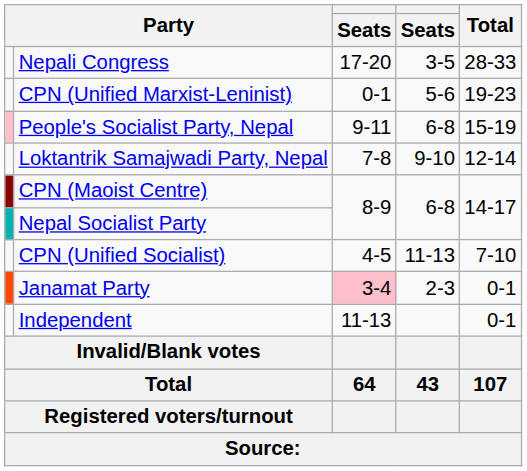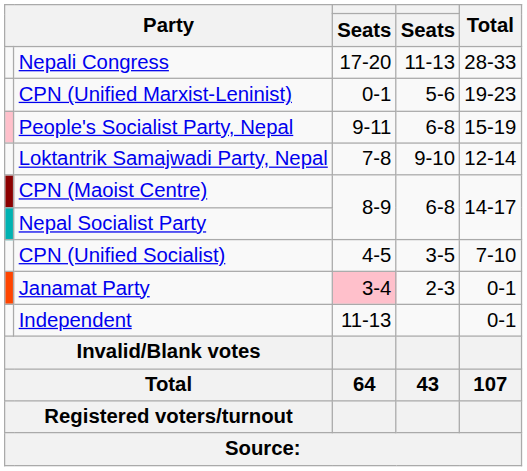 <table class="wikitable" style="text-align:right">
 <tr>
 <th colspan="2" rowspan="2">Party</th>
 <th></th>
 <th></th>
 <th rowspan="2">Total</th>
 </tr>
 <tr>
 <th>Seats</th>
 <th>Seats</th>
 </tr>
 <tr>
 <td></td>
 <td align="left"><a href='#'>Nepali Congress</a></td>
 <td>17-20</td>
-<td>3-5</td>
+<td>11-13</td>
 <td>28-33</td>
 </tr>
 <tr>
 <td></td>
 <td align="left"><a href='#'>CPN (Unified Marxist-Leninist)</a></td>
 <td>0-1</td>
 <td>5-6</td>
 <td>19-23</td>
 </tr>
 <tr>
 <td bgcolor="FFC0CB"></td>
 <td align="left"><a href='#'>People's Socialist Party, Nepal</a></td>
 <td>9-11</td>
 <td>6-8</td>
 <td>15-19</td>
 </tr>
 <tr>
 <td></td>
 <td align="left"><a href='#'>Loktantrik Samajwadi Party, Nepal</a></td>
 <td>7-8</td>
 <td>9-10</td>
 <td>12-14</td>
 </tr>
 <tr>
 <td bgcolor="8B0000"></td>
 <td align="left"><a href='#'>CPN (Maoist Centre)</a></td>
 <td rowspan="2">8-9</td>
 <td rowspan="2">6-8</td>
 <td rowspan="2">14-17</td>
 </tr>
 <tr>
 <td bgcolor="#00B2B2"></td>
 <td align="left"><a href='#'>Nepal Socialist Party</a></td>
 </tr>
 <tr>
 <td></td>
 <td align="left"><a href='#'>CPN (Unified Socialist)</a></td>
 <td>4-5</td>
-<td>11-13</td>
+<td>3-5</td>
 <td>7-10</td>
 </tr>
 <tr>
 <td bgcolor="orangered"></td>
 <td align="left"><a href='#'>Janamat Party</a></td>
 <td style="background: pink;">3-4</td>
 <td>2-3</td>
 <td>0-1</td>
 </tr>
 <tr>
 <td></td>
 <td align="left"><a href='#'>Independent</a></td>
 <td>11-13</td>
 <td></td>
 <td>0-1</td>
 </tr>
 <tr>
 <th colspan="2">Invalid/Blank votes</th>
 <th></th>
 <th></th>
 <th></th>
 </tr>
 <tr>
 <th colspan="2">Total</th>
 <th>64</th>
 <th>43</th>
 <th>107</th>
 </tr>
 <tr>
 <th colspan="2">Registered voters/turnout</th>
 <th></th>
 <th></th>
 <th></th>
 </tr>
 <tr>
 <th colspan="5">Source:</th>
 </tr>
 </table>
